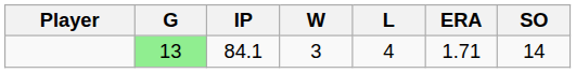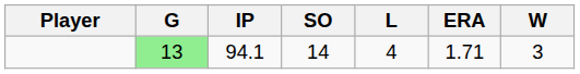 <table class="wikitable sortable">
 <tr>
 <th bgcolor="#DDDDFF" width="16%">Player</th>
 <th bgcolor="#DDDDFF" width="9%">G</th>
 <th bgcolor="#DDDDFF" width="9%">IP</th>
-<th bgcolor="#DDDDFF" width="9%">W</th>
+<th bgcolor="#DDDDFF" width="9%">SO</th>
 <th bgcolor="#DDDDFF" width="9%">L</th>
 <th bgcolor="#DDDDFF" width="9%">ERA</th>
-<th bgcolor="#DDDDFF" width="9%">SO</th>
+<th bgcolor="#DDDDFF" width="9%">W</th>
 </tr>
 <tr align="center">
 <td></td>
 <td style="background: lightgreen;">13</td>
-<td>84.1</td>
-<td>3</td>
+<td>94.1</td>
+<td>14</td>
 <td>4</td>
 <td>1.71</td>
-<td>14</td>
+<td>3</td>
 </tr>
 </table>
